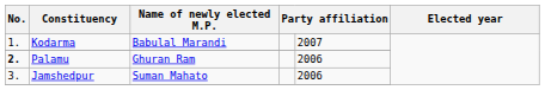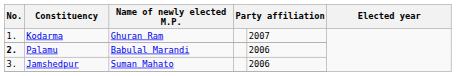 <table class="sortable wikitable">
 <tr>
 <th>No.</th>
 <th style="width:120px">Constituency</th>
 <th style="width:180px">Name of newly elected M.P.</th>
 <th colspan=2>Party affiliation</th>
 <th style="width:180px">Elected year</th>
 </tr>
 <tr>
 <td>1.</td>
 <td><a href='#'>Kodarma</a></td>
-<td><a href='#'>Babulal Marandi</a></td>
+<td><a href='#'>Ghuran Ram</a></td>
 <td></td>
 <td>2007</td>
 </tr>
 <tr>
 </tr>
 <tr>
 <td><strong>2.</strong></td>
 <td><a href='#'>  Palamu</a></td>
-<td><a href='#'>Ghuran Ram</a></td>
+<td><a href='#'>Babulal Marandi</a></td>
 <td></td>
 <td>2006</td>
 </tr>
 <tr>
 <td>3.</td>
 <td><a href='#'>Jamshedpur</a></td>
 <td><a href='#'>Suman Mahato</a></td>
 <td></td>
 <td>2006</td>
 </tr>
 <tr>
 </tr>
 </table>
